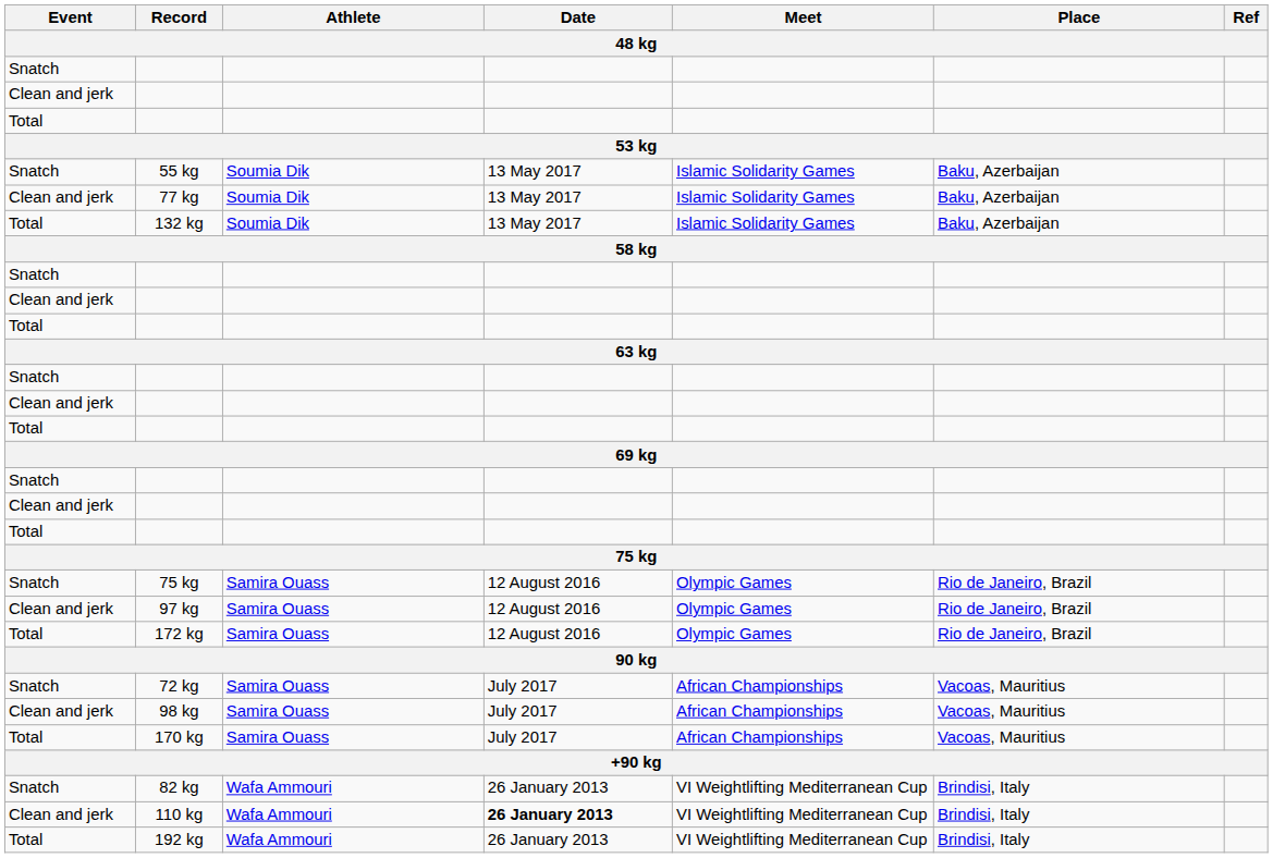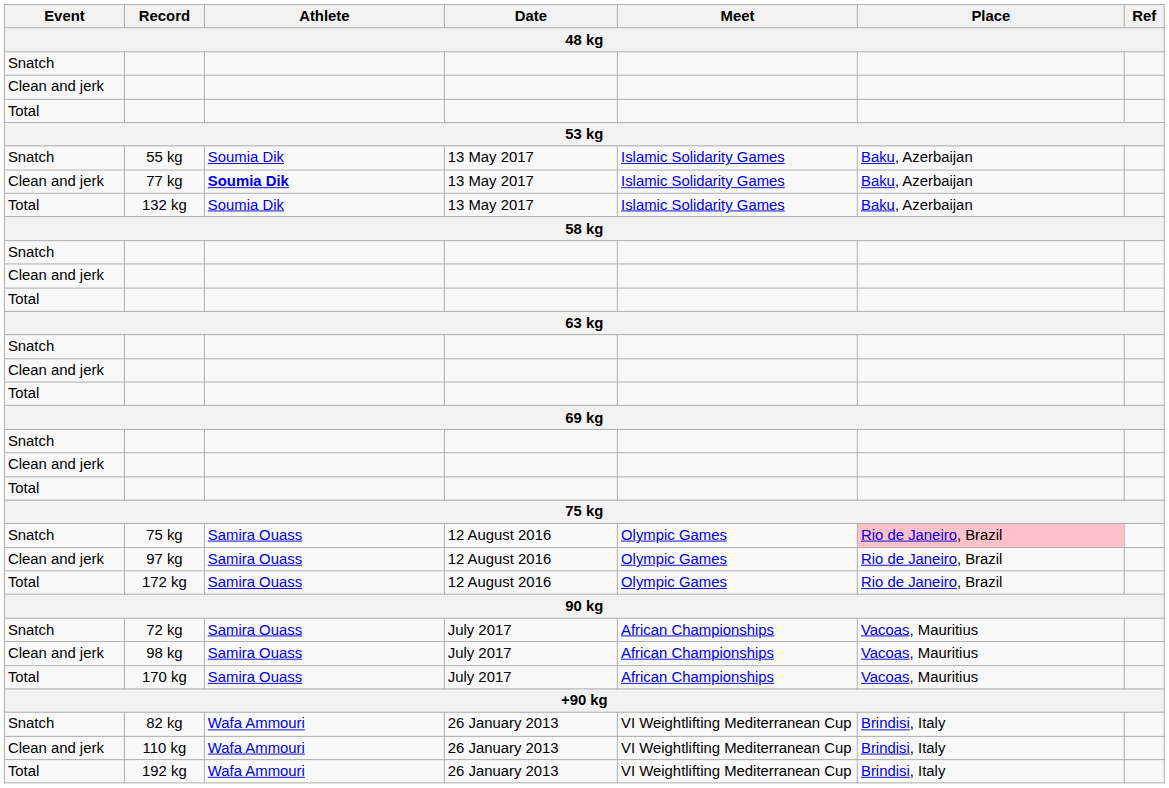 <table class="wikitable">
 <tr>
 <th width=9%>Event</th>
 <th width=6%>Record</th>
 <th width=18%>Athlete</th>
 <th width=13%>Date</th>
 <th width=18%>Meet</th>
 <th width=20%>Place</th>
 <th width=3%>Ref</th>
 </tr>
 <tr bgcolor="#DDDDDD">
 <th colspan="8">48 kg</th>
 </tr>
 <tr>
 <td>Snatch</td>
 <td></td>
 <td></td>
 <td></td>
 <td></td>
 <td></td>
 <td></td>
 </tr>
 <tr>
 <td>Clean and jerk</td>
 <td></td>
 <td></td>
 <td></td>
 <td></td>
 <td></td>
 <td></td>
 </tr>
 <tr>
 <td>Total</td>
 <td></td>
 <td></td>
 <td></td>
 <td></td>
 <td></td>
 <td></td>
 </tr>
 <tr bgcolor="#DDDDDD">
 <th colspan="8">53 kg</th>
 </tr>
 <tr>
 <td>Snatch</td>
 <td align="center">55 kg</td>
 <td><a href='#'>Soumia Dik</a></td>
 <td>13 May 2017</td>
 <td><a href='#'>Islamic Solidarity Games</a></td>
 <td> <a href='#'>Baku</a>, Azerbaijan</td>
 <td></td>
 </tr>
 <tr>
 <td>Clean and jerk</td>
 <td align="center">77 kg</td>
-<td><a href='#'>Soumia Dik</a></td>
+<td><strong><a href='#'>Soumia Dik</a></strong></td>
 <td>13 May 2017</td>
 <td><a href='#'>Islamic Solidarity Games</a></td>
 <td> <a href='#'>Baku</a>, Azerbaijan</td>
 <td></td>
 </tr>
 <tr>
 <td>Total</td>
 <td align="center">132 kg</td>
 <td><a href='#'>Soumia Dik</a></td>
 <td>13 May 2017</td>
 <td><a href='#'>Islamic Solidarity Games</a></td>
 <td> <a href='#'>Baku</a>, Azerbaijan</td>
 <td></td>
 </tr>
 <tr bgcolor="#DDDDDD">
 <th colspan="8">58 kg</th>
 </tr>
 <tr>
 <td>Snatch</td>
 <td align="center"></td>
 <td></td>
 <td></td>
 <td></td>
 <td></td>
 <td></td>
 </tr>
 <tr>
 <td>Clean and jerk</td>
 <td align="center"></td>
 <td></td>
 <td></td>
 <td></td>
 <td></td>
 <td></td>
 </tr>
 <tr>
 <td>Total</td>
 <td align="center"></td>
 <td></td>
 <td></td>
 <td></td>
 <td></td>
 <td></td>
 </tr>
 <tr bgcolor="#DDDDDD">
 <th colspan="8">63 kg</th>
 </tr>
 <tr>
 <td>Snatch</td>
 <td></td>
 <td></td>
 <td></td>
 <td></td>
 <td></td>
 <td></td>
 </tr>
 <tr>
 <td>Clean and jerk</td>
 <td></td>
 <td></td>
 <td></td>
 <td></td>
 <td></td>
 <td></td>
 </tr>
 <tr>
 <td>Total</td>
 <td></td>
 <td></td>
 <td></td>
 <td></td>
 <td></td>
 <td></td>
 </tr>
 <tr bgcolor="#DDDDDD">
 <th colspan="8">69 kg</th>
 </tr>
 <tr>
 <td>Snatch</td>
 <td></td>
 <td></td>
 <td></td>
 <td></td>
 <td></td>
 <td></td>
 </tr>
 <tr>
 <td>Clean and jerk</td>
 <td></td>
 <td></td>
 <td></td>
 <td></td>
 <td></td>
 <td></td>
 </tr>
 <tr>
 <td>Total</td>
 <td></td>
 <td></td>
 <td></td>
 <td></td>
 <td></td>
 <td></td>
 </tr>
 <tr bgcolor="#DDDDDD">
 <th colspan="8">75 kg</th>
 </tr>
 <tr>
 <td>Snatch</td>
 <td align="center">75 kg</td>
 <td><a href='#'>Samira Ouass</a></td>
 <td>12 August 2016</td>
 <td><a href='#'>Olympic Games</a></td>
-<td> <a href='#'>Rio de Janeiro</a>, Brazil</td>
+<td style="background: pink;"> <a href='#'>Rio de Janeiro</a>, Brazil</td>
 <td></td>
 </tr>
 <tr>
 <td>Clean and jerk</td>
 <td align="center">97 kg</td>
 <td><a href='#'>Samira Ouass</a></td>
 <td>12 August 2016</td>
 <td><a href='#'>Olympic Games</a></td>
 <td> <a href='#'>Rio de Janeiro</a>, Brazil</td>
 <td></td>
 </tr>
 <tr>
 <td>Total</td>
 <td align="center">172 kg</td>
 <td><a href='#'>Samira Ouass</a></td>
 <td>12 August 2016</td>
 <td><a href='#'>Olympic Games</a></td>
 <td> <a href='#'>Rio de Janeiro</a>, Brazil</td>
 <td></td>
 </tr>
 <tr bgcolor="#DDDDDD">
 <th colspan="8">90 kg</th>
 </tr>
 <tr>
 <td>Snatch</td>
 <td align="center">72 kg</td>
 <td><a href='#'>Samira Ouass</a></td>
 <td>July 2017</td>
 <td><a href='#'>African Championships</a></td>
 <td> <a href='#'>Vacoas</a>, Mauritius</td>
 <td></td>
 </tr>
 <tr>
 <td>Clean and jerk</td>
 <td align="center">98 kg</td>
 <td><a href='#'>Samira Ouass</a></td>
 <td>July 2017</td>
 <td><a href='#'>African Championships</a></td>
 <td> <a href='#'>Vacoas</a>, Mauritius</td>
 <td></td>
 </tr>
 <tr>
 <td>Total</td>
 <td align="center">170 kg</td>
 <td><a href='#'>Samira Ouass</a></td>
 <td>July 2017</td>
 <td><a href='#'>African Championships</a></td>
 <td> <a href='#'>Vacoas</a>, Mauritius</td>
 <td></td>
 </tr>
 <tr bgcolor="#DDDDDD">
 <th colspan="8">+90 kg</th>
 </tr>
 <tr>
 <td>Snatch</td>
 <td align="center">82 kg</td>
 <td><a href='#'>Wafa Ammouri</a></td>
 <td>26 January 2013</td>
 <td>VI Weightlifting Mediterranean Cup</td>
 <td> <a href='#'>Brindisi</a>, Italy</td>
 <td></td>
 </tr>
 <tr>
 <td>Clean and jerk</td>
 <td align="center">110 kg</td>
 <td><a href='#'>Wafa Ammouri</a></td>
-<td><strong>26 January 2013</strong></td>
+<td>26 January 2013</td>
 <td>VI Weightlifting Mediterranean Cup</td>
 <td> <a href='#'>Brindisi</a>, Italy</td>
 <td></td>
 </tr>
 <tr>
 <td>Total</td>
 <td align="center">192 kg</td>
 <td><a href='#'>Wafa Ammouri</a></td>
 <td>26 January 2013</td>
 <td>VI Weightlifting Mediterranean Cup</td>
 <td> <a href='#'>Brindisi</a>, Italy</td>
 <td></td>
 </tr>
 </table>
